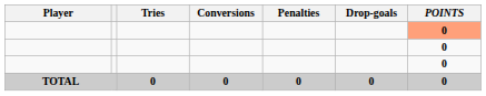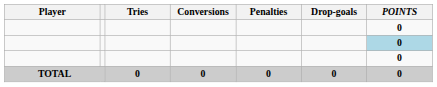 <table class="wikitable sortable" style="text-align: center;">
 <tr>
 <th width="150">Player</th>
 <th></th>
 <th width="100">Tries</th>
 <th width="100">Conversions</th>
 <th width="100">Penalties</th>
 <th width="100">Drop-goals</th>
 <th width="100"><em>POINTS</em></th>
 </tr>
 <tr>
 <td></td>
 <td></td>
 <td></td>
 <td></td>
 <td></td>
 <td></td>
-<td style="background: lightsalmon;"><strong>0</strong></td>
+<td><strong>0</strong></td>
 </tr>
 <tr>
 <td></td>
 <td></td>
 <td></td>
 <td></td>
 <td></td>
 <td></td>
-<td><strong>0</strong></td>
+<td style="background: lightblue;"><strong>0</strong></td>
 </tr>
 <tr>
 <td></td>
 <td></td>
 <td></td>
 <td></td>
 <td></td>
 <td></td>
 <td><strong>0</strong></td>
 </tr>
 <tr class="sortbottom" style="background: #CCCCCC">
 <td colspan="2"><strong>TOTAL</strong></td>
 <td><strong>0</strong></td>
 <td><strong>0</strong></td>
 <td><strong>0</strong></td>
 <td><strong>0</strong></td>
 <td><strong>0</strong></td>
 </tr>
 </table>
